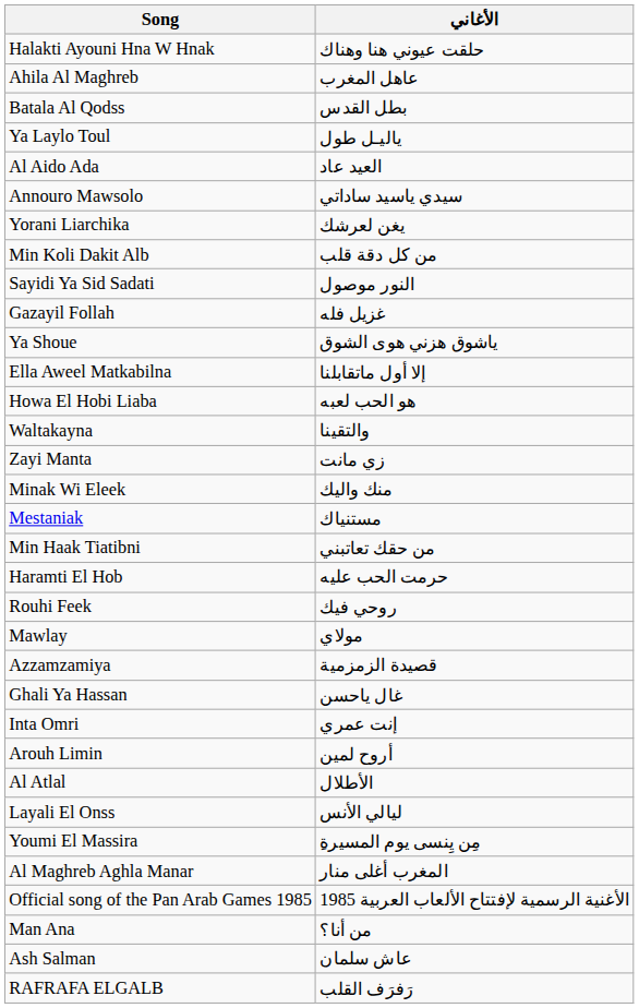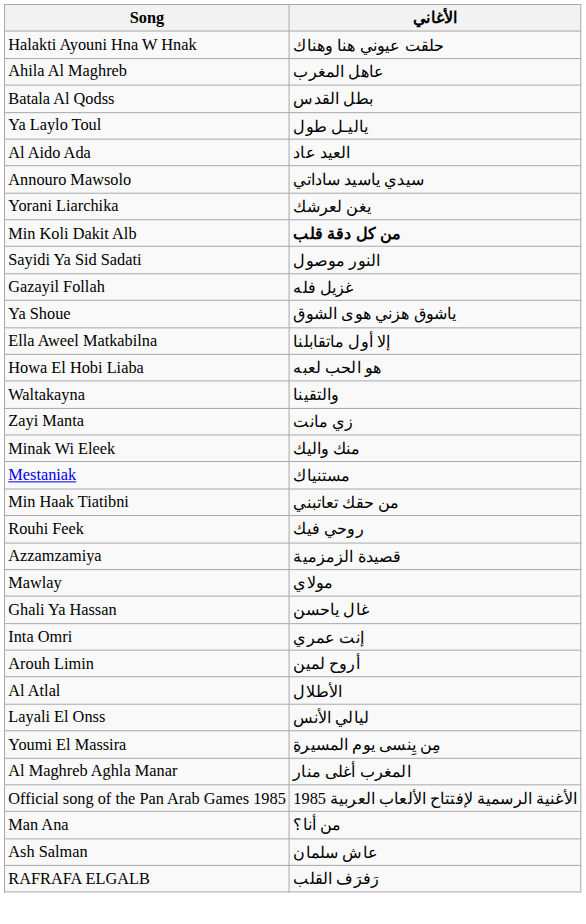 <table class="wikitable">
 <tr>
 <th>Song</th>
 <th>الأغاني</th>
 </tr>
 <tr>
 <td>Halakti Ayouni Hna W Hnak</td>
 <td>حلقت عيوني هنا وهناك</td>
 </tr>
 <tr>
 <td>Ahila Al Maghreb</td>
 <td>عاهل المغرب</td>
 </tr>
 <tr>
 <td>Batala Al Qodss</td>
 <td>بطل القدس</td>
 </tr>
 <tr>
 <td>Ya Laylo Toul</td>
 <td>ياليـل طول</td>
 </tr>
 <tr>
 <td>Al Aido Ada</td>
 <td>العيد عاد</td>
 </tr>
 <tr>
 <td>Annouro Mawsolo</td>
 <td>سيدي ياسيد ساداتي</td>
 </tr>
 <tr>
 <td>Yorani Liarchika</td>
 <td>يغن لعرشك</td>
 </tr>
 <tr>
 <td>Min Koli Dakit Alb</td>
-<td>من كل دقة قلب</td>
+<td><strong>من كل دقة قلب</strong></td>
 </tr>
 <tr>
 <td>Sayidi Ya Sid Sadati</td>
 <td>النور موصول</td>
 </tr>
 <tr>
 <td>Gazayil Follah</td>
 <td>غزيل فله</td>
 </tr>
 <tr>
 <td>Ya Shoue</td>
 <td>ياشوق هزني هوى الشوق</td>
 </tr>
 <tr>
 <td>Ella Aweel Matkabilna</td>
 <td>إلا أول ماتقابلنا</td>
 </tr>
 <tr>
 <td>Howa El Hobi Liaba</td>
 <td>هو الحب لعبه</td>
 </tr>
 <tr>
 <td>Waltakayna</td>
 <td>والتقينا</td>
 </tr>
 <tr>
 <td>Zayi Manta</td>
 <td>زي مانت</td>
 </tr>
 <tr>
 <td>Minak Wi Eleek</td>
 <td>منك واليك</td>
 </tr>
 <tr>
 <td><a href='#'>Mestaniak</a></td>
 <td>مستنياك</td>
 </tr>
 <tr>
 <td>Min Haak Tiatibni</td>
 <td>من حقك تعاتبني</td>
 </tr>
 <tr>
-<td>Haramti El Hob</td>
-<td>حرمت الحب عليه</td>
-</tr>
-<tr>
 <td>Rouhi Feek</td>
 <td>روحي فيك</td>
 </tr>
 <tr>
+<td>Azzamzamiya</td>
+<td>قصيدة الزمزمية</td>
+</tr>
+<tr>
 <td>Mawlay</td>
 <td>مولاي</td>
-</tr>
-<tr>
-<td>Azzamzamiya</td>
-<td>قصيدة الزمزمية</td>
 </tr>
 <tr>
 <td>Ghali Ya Hassan</td>
 <td>غال ياحسن</td>
 </tr>
 <tr>
 <td>Inta Omri</td>
 <td>إنت عمري</td>
 </tr>
 <tr>
 <td>Arouh Limin</td>
 <td>أروح لمين</td>
 </tr>
 <tr>
 <td>Al Atlal</td>
 <td>الأطلال</td>
 </tr>
 <tr>
 <td>Layali El Onss</td>
 <td>ليالي الأنس</td>
 </tr>
 <tr>
 <td>Youmi El Massira</td>
 <td>ِمِن يِنسى يوم المسيرة</td>
 </tr>
 <tr>
 <td>Al Maghreb Aghla Manar</td>
 <td>المغرب أغلى منار</td>
 </tr>
 <tr>
 <td>Official song of the Pan Arab Games 1985</td>
 <td>1985 الأغنية الرسمية لإفتتاح الألعاب العربية</td>
 </tr>
 <tr>
 <td>Man Ana</td>
 <td>من أنا؟</td>
 </tr>
 <tr>
 <td>Ash Salman</td>
 <td>عاش سلمان<br> </td>
 </tr>
 <tr>
 <td>RAFRAFA ELGALB</td>
 <td>رَفرَف القلب<br> </td>
 </tr>
 </table>
